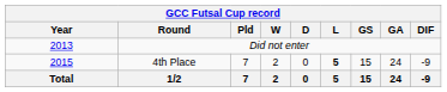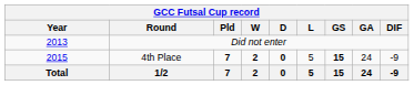 <table class="wikitable" style="text-align: center;font-size:90%;">
 <tr>
 <th colspan=9><a href='#'>GCC Futsal Cup record</a></th>
 </tr>
 <tr>
 <th width=150>Year</th>
 <th width=150>Round</th>
 <th width=35>Pld</th>
 <th width=35>W</th>
 <th width=35>D</th>
 <th width=35>L</th>
 <th width=35>GS</th>
 <th width=35>GA</th>
 <th width=35>DIF</th>
 </tr>
 <tr bgcolor=>
 <td> <a href='#'>2013</a></td>
 <td colspan=9 rowspan=1><em>Did not enter</em></td>
 </tr>
 <tr bgcolor=>
 <td> <a href='#'>2015</a></td>
 <td>4th Place</td>
-<td>7</td>
-<td>2</td>
-<td>0</td>
-<td><strong>5</strong></td>
-<td>15</td>
+<td><strong>7</strong></td>
+<td><strong>2</strong></td>
+<td><strong>0</strong></td>
+<td>5</td>
+<td><strong>15</strong></td>
 <td>24</td>
 <td>-9</td>
 </tr>
 <tr>
 <th><strong>Total</strong></th>
 <th>1/2</th>
 <th>7</th>
 <th>2</th>
 <th>0</th>
 <th>5</th>
 <th>15</th>
 <th>24</th>
 <th>-9</th>
 </tr>
 </table>
